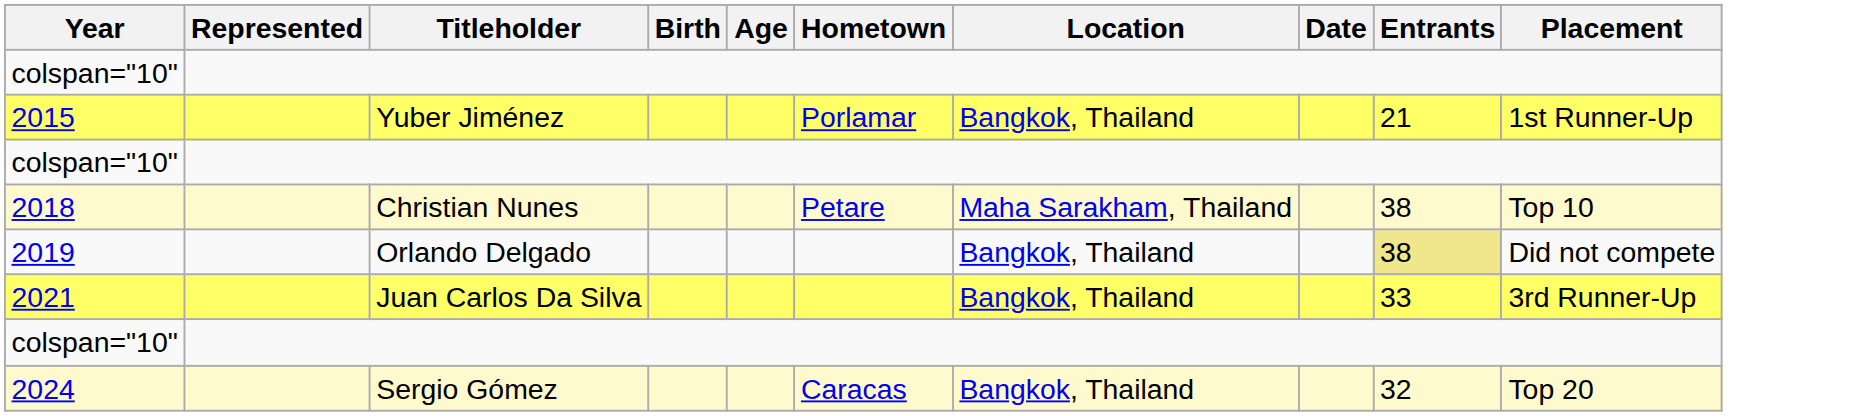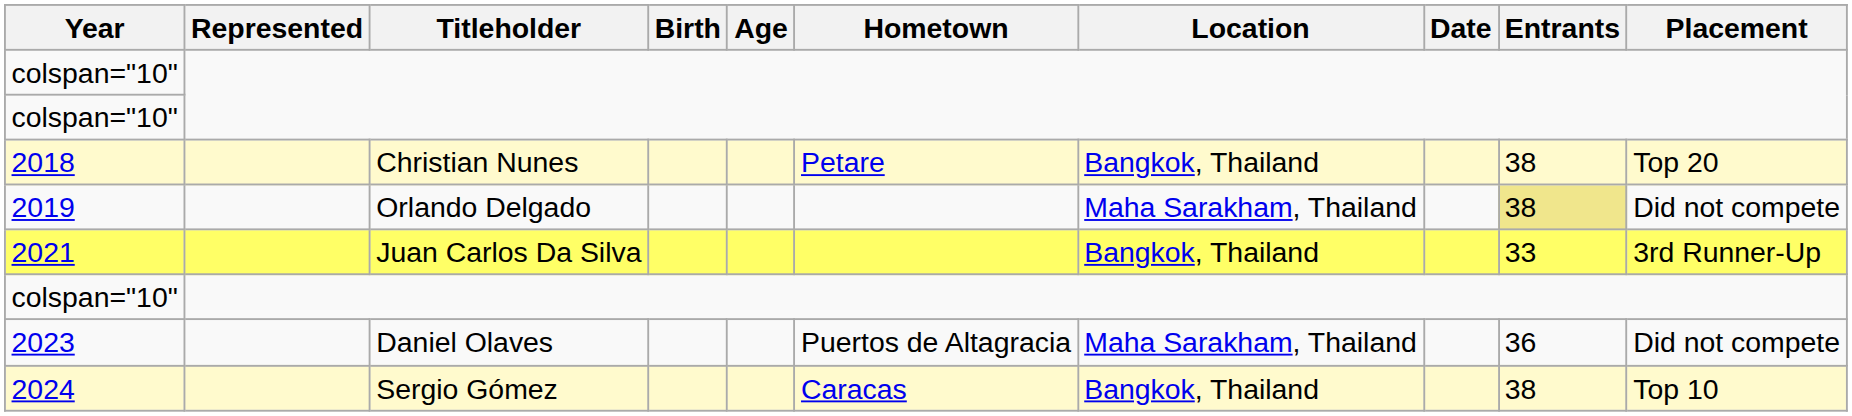 <table class="wikitable sortable" style="font-size: 95%;">
 <tr>
 <th>Year</th>
 <th>Represented</th>
 <th>Titleholder</th>
 <th>Birth</th>
 <th>Age</th>
 <th>Hometown</th>
 <th>Location</th>
 <th>Date</th>
 <th>Entrants</th>
 <th>Placement</th>
 </tr>
 <tr>
 <td>colspan="10" </td>
 </tr>
-<tr style="background-color:#FFFF66;">
-<td><a href='#'>2015</a></td>
-<td></td>
-<td>Yuber Jiménez</td>
-<td></td>
-<td></td>
-<td><a href='#'>Porlamar</a></td>
-<td><a href='#'>Bangkok</a>, Thailand</td>
-<td></td>
-<td>21</td>
-<td>1st Runner-Up</td>
-</tr>
 <tr>
 <td>colspan="10" </td>
 </tr>
 <tr style="background-color:#FFFACD;">
 <td><a href='#'>2018</a></td>
 <td></td>
 <td>Christian Nunes</td>
 <td></td>
 <td></td>
 <td><a href='#'>Petare</a></td>
-<td><a href='#'>Maha Sarakham</a>, Thailand</td>
+<td><a href='#'>Bangkok</a>, Thailand</td>
 <td></td>
 <td>38</td>
-<td>Top 10</td>
+<td>Top 20</td>
 </tr>
 <tr>
 <td><a href='#'>2019</a></td>
 <td></td>
 <td>Orlando Delgado</td>
 <td></td>
 <td></td>
 <td></td>
-<td><a href='#'>Bangkok</a>, Thailand</td>
+<td><a href='#'>Maha Sarakham</a>, Thailand</td>
 <td></td>
 <td style="background: khaki;">38</td>
 <td>Did not compete</td>
 </tr>
 <tr style="background-color:#FFFF66;">
 <td><a href='#'>2021</a></td>
 <td></td>
 <td>Juan Carlos Da Silva</td>
 <td></td>
 <td></td>
 <td></td>
 <td><a href='#'>Bangkok</a>, Thailand</td>
 <td></td>
 <td>33</td>
 <td>3rd Runner-Up</td>
 </tr>
 <tr>
 <td>colspan="10" </td>
 </tr>
+<tr>
+<td><a href='#'>2023</a></td>
+<td></td>
+<td>Daniel Olaves</td>
+<td></td>
+<td></td>
+<td>Puertos de Altagracia</td>
+<td><a href='#'>Maha Sarakham</a>, Thailand</td>
+<td></td>
+<td>36</td>
+<td>Did not compete</td>
+</tr>
 <tr style="background-color:#FFFACD;">
 <td><a href='#'>2024</a></td>
 <td></td>
 <td>Sergio Gómez</td>
 <td></td>
 <td></td>
 <td><a href='#'>Caracas</a></td>
 <td><a href='#'>Bangkok</a>, Thailand</td>
 <td></td>
-<td>32</td>
-<td>Top 20</td>
+<td>38</td>
+<td>Top 10</td>
 </tr>
 </table>
